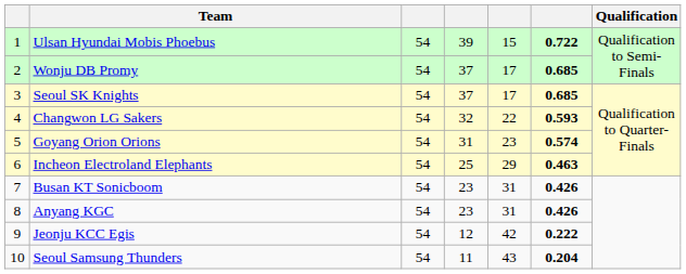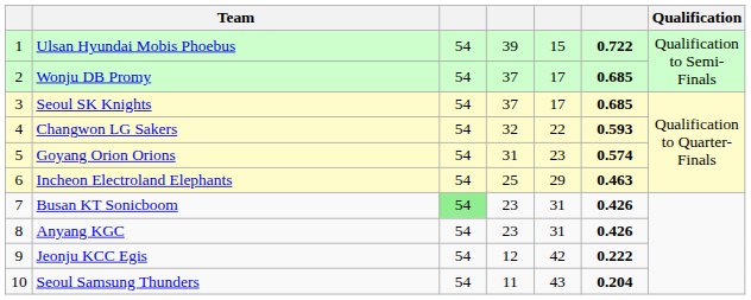 <table class="wikitable" style="text-align:center;">
 <tr>
 <th width=20></th>
 <th width=400>Team</th>
 <th width=40></th>
 <th width=40></th>
 <th width=40></th>
 <th width=60></th>
 <th width=80>Qualification</th>
 </tr>
 <tr bgcolor=#ccffcc>
 <td>1</td>
 <td align=left><a href='#'>Ulsan Hyundai Mobis Phoebus</a></td>
 <td>54</td>
 <td>39</td>
 <td>15</td>
 <td><strong>0.722</strong></td>
 <td rowspan="2">Qualification to Semi-Finals</td>
 </tr>
 <tr bgcolor=#ccffcc>
 <td>2</td>
 <td align=left><a href='#'>Wonju DB Promy</a></td>
 <td>54</td>
 <td>37</td>
 <td>17</td>
 <td><strong>0.685</strong></td>
 </tr>
 <tr bgcolor=#fffccc>
 <td>3</td>
 <td align=left><a href='#'>Seoul SK Knights</a></td>
 <td>54</td>
 <td>37</td>
 <td>17</td>
 <td><strong>0.685</strong></td>
 <td rowspan="4">Qualification to Quarter-Finals</td>
 </tr>
 <tr bgcolor=#fffccc>
 <td>4</td>
 <td align=left><a href='#'>Changwon LG Sakers</a></td>
 <td>54</td>
 <td>32</td>
 <td>22</td>
 <td><strong>0.593</strong></td>
 </tr>
 <tr bgcolor=#fffccc>
 <td>5</td>
 <td align=left><a href='#'>Goyang Orion Orions</a></td>
 <td>54</td>
 <td>31</td>
 <td>23</td>
 <td><strong>0.574</strong></td>
 </tr>
 <tr bgcolor=#fffccc>
 <td>6</td>
 <td align=left><a href='#'>Incheon Electroland Elephants</a></td>
 <td>54</td>
 <td>25</td>
 <td>29</td>
 <td><strong>0.463</strong></td>
 </tr>
 <tr>
 <td>7</td>
 <td align=left><a href='#'>Busan KT Sonicboom</a></td>
-<td>54</td>
+<td style="background: lightgreen;">54</td>
 <td>23</td>
 <td>31</td>
 <td><strong>0.426</strong></td>
 <td rowspan="4"></td>
 </tr>
 <tr>
 <td>8</td>
 <td align=left><a href='#'>Anyang KGC</a></td>
 <td>54</td>
 <td>23</td>
 <td>31</td>
 <td><strong>0.426</strong></td>
 </tr>
 <tr>
 <td>9</td>
 <td align=left><a href='#'>Jeonju KCC Egis</a></td>
 <td>54</td>
 <td>12</td>
 <td>42</td>
 <td><strong>0.222</strong></td>
 </tr>
 <tr>
 <td>10</td>
 <td align=left><a href='#'>Seoul Samsung Thunders</a></td>
 <td>54</td>
 <td>11</td>
 <td>43</td>
 <td><strong>0.204</strong></td>
 </tr>
 </table>
